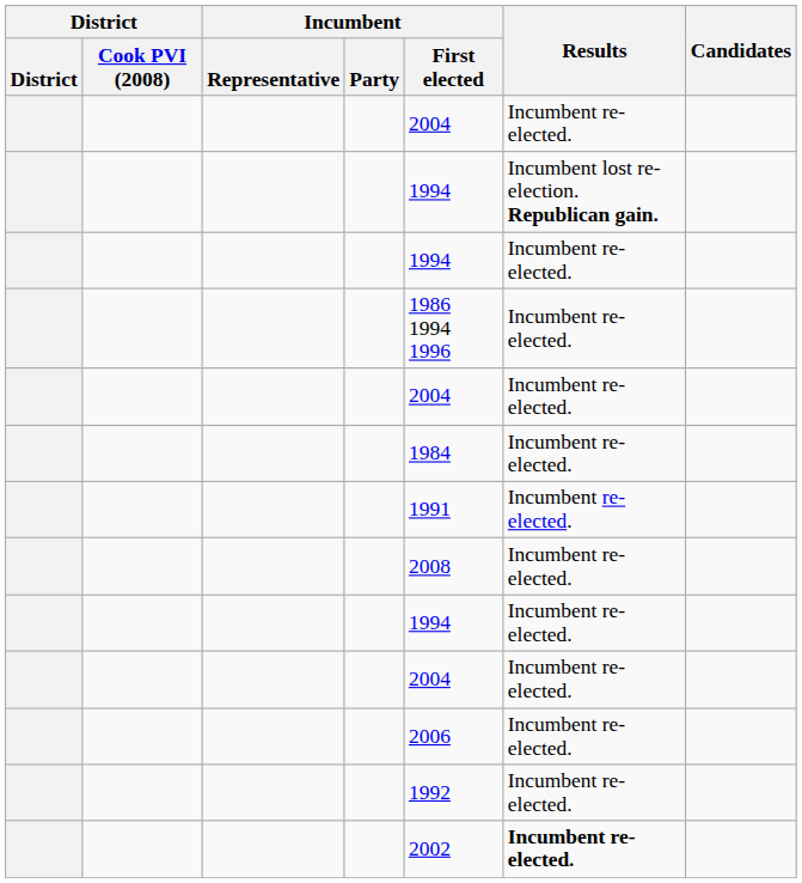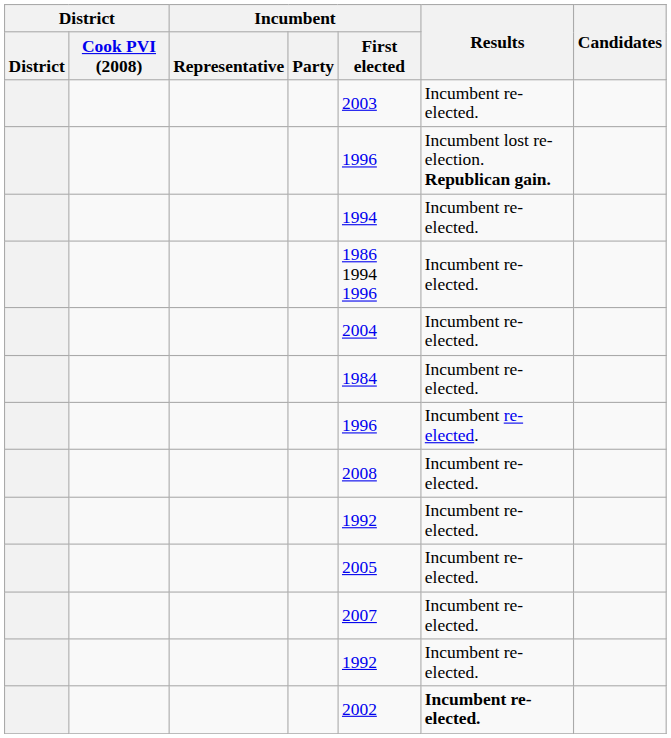 <table class="wikitable sortable">
 <tr>
 <th colspan=2>District</th>
 <th colspan=3>Incumbent</th>
 <th rowspan=2>Results</th>
 <th rowspan=2>Candidates</th>
 </tr>
 <tr valign=bottom>
 <th>District</th>
 <th><a href='#'>Cook PVI</a> (2008)</th>
 <th>Representative</th>
 <th>Party</th>
 <th>First elected</th>
 </tr>
 <tr>
 <th></th>
 <td></td>
 <td></td>
 <td></td>
-<td><a href='#'>2004</a></td>
+<td><a href='#'>2003</a></td>
 <td>Incumbent re-elected.</td>
 <td nowrap></td>
 </tr>
 <tr>
 <th></th>
 <td></td>
 <td></td>
 <td></td>
-<td><a href='#'>1994</a></td>
+<td><a href='#'>1996</a></td>
 <td>Incumbent lost re-election.<br><strong>Republican gain.</strong></td>
 <td nowrap></td>
 </tr>
 <tr>
 <th></th>
 <td></td>
 <td></td>
 <td></td>
 <td><a href='#'>1994</a></td>
 <td>Incumbent re-elected.</td>
 <td nowrap></td>
 </tr>
 <tr>
 <th></th>
 <td></td>
 <td></td>
 <td></td>
 <td><a href='#'>1986</a><br>1994 <br><a href='#'>1996</a></td>
 <td>Incumbent re-elected.</td>
 <td nowrap></td>
 </tr>
 <tr>
 <th></th>
 <td></td>
 <td></td>
 <td></td>
 <td><a href='#'>2004</a></td>
 <td>Incumbent re-elected.</td>
 <td nowrap></td>
 </tr>
 <tr>
 <th></th>
 <td></td>
 <td></td>
 <td></td>
 <td><a href='#'>1984</a></td>
 <td>Incumbent re-elected.</td>
 <td nowrap></td>
 </tr>
 <tr>
 <th></th>
 <td></td>
 <td></td>
 <td></td>
-<td><a href='#'>1991</a></td>
+<td><a href='#'>1996</a></td>
 <td>Incumbent <a href='#'>re-elected</a>.</td>
 <td nowrap></td>
 </tr>
 <tr>
 <th></th>
 <td></td>
 <td></td>
 <td></td>
 <td><a href='#'>2008</a></td>
 <td>Incumbent re-elected.</td>
 <td nowrap></td>
 </tr>
 <tr>
 <th></th>
 <td></td>
 <td></td>
 <td></td>
-<td><a href='#'>1994</a></td>
+<td><a href='#'>1992</a></td>
 <td>Incumbent re-elected.</td>
 <td nowrap></td>
 </tr>
 <tr>
 <th></th>
 <td></td>
 <td></td>
 <td></td>
-<td><a href='#'>2004</a></td>
+<td><a href='#'>2005</a></td>
 <td>Incumbent re-elected.</td>
 <td nowrap></td>
 </tr>
 <tr>
 <th></th>
 <td></td>
 <td></td>
 <td></td>
-<td><a href='#'>2006</a></td>
+<td><a href='#'>2007</a></td>
 <td>Incumbent re-elected.</td>
 <td nowrap></td>
 </tr>
 <tr>
 <th></th>
 <td></td>
 <td></td>
 <td></td>
 <td><a href='#'>1992</a></td>
 <td>Incumbent re-elected.</td>
 <td nowrap></td>
 </tr>
 <tr>
 <th></th>
 <td></td>
 <td></td>
 <td></td>
 <td><a href='#'>2002</a></td>
 <td><strong>Incumbent re-elected.</strong></td>
 <td nowrap></td>
 </tr>
 </table>
